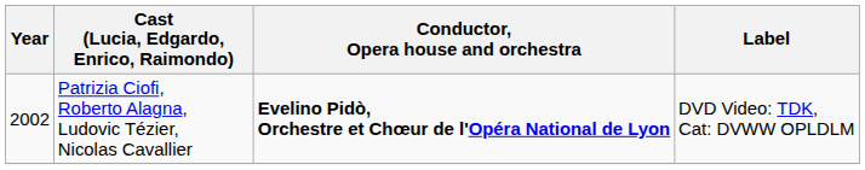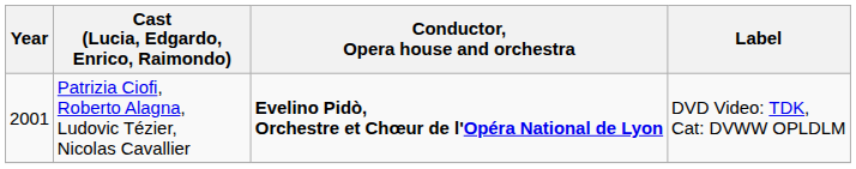 <table class="wikitable">
 <tr>
 <th>Year</th>
 <th width="170">Cast<br>(Lucia, Edgardo,<br>Enrico, Raimondo)</th>
 <th>Conductor,<br>Opera house and orchestra</th>
 <th>Label</th>
 </tr>
 <tr>
-<td>2002</td>
+<td>2001</td>
 <td><a href='#'>Patrizia Ciofi</a>,<br><a href='#'>Roberto Alagna</a>,<br>Ludovic Tézier,<br>Nicolas Cavallier</td>
 <td><strong>Evelino Pidò,<br>Orchestre et Chœur de l'<a href='#'>Opéra National de Lyon</a></strong></td>
 <td>DVD Video: <a href='#'>TDK</a>,<br>Cat: DVWW OPLDLM</td>
 </tr>
 <tr>
 </tr>
 </table>
